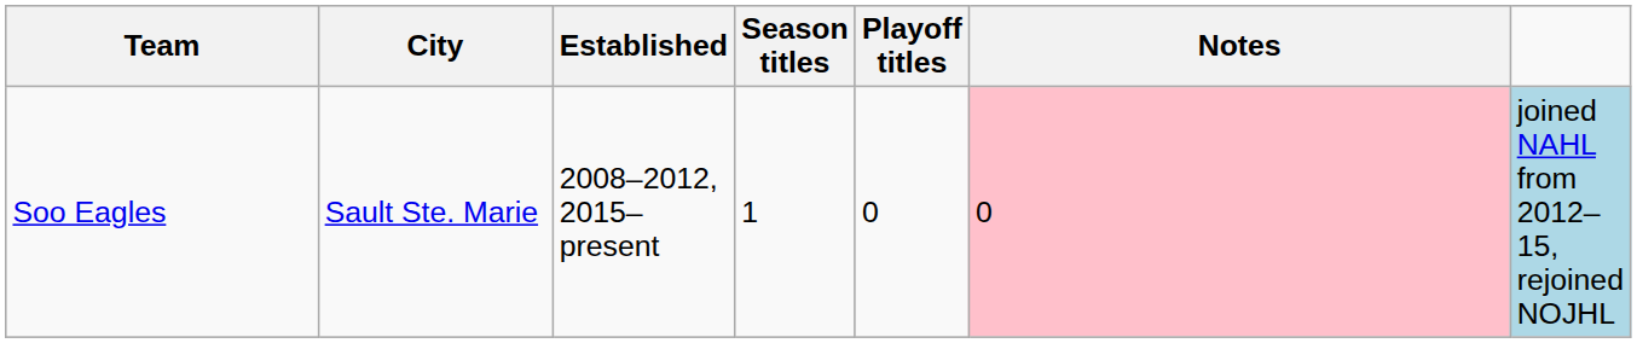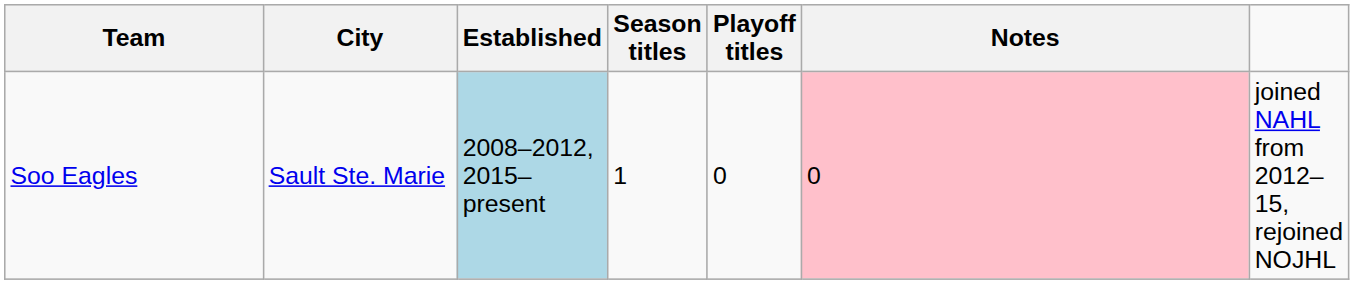 <table class="wikitable">
 <tr>
 <th bgcolor="#DDDDFF" width="20%">Team</th>
 <th bgcolor="#DDDDFF" width="15%">City</th>
 <th bgcolor="#DDDDFF" width="10%">Established</th>
 <th bgcolor="#DDDDFF" width="5%">Season titles</th>
 <th bgcolor="#DDDDFF" width="5%">Playoff titles</th>
 <th bgcolor="#DDDDFF" width="35%">Notes</th>
 </tr>
 <tr>
 <td><a href='#'>Soo Eagles</a></td>
 <td><a href='#'>Sault Ste. Marie</a></td>
-<td>2008–2012, 2015–present</td>
+<td style="background: lightblue;">2008–2012, 2015–present</td>
 <td>1</td>
 <td>0</td>
 <td style="background: pink;">0</td>
-<td style="background: lightblue;">joined <a href='#'>NAHL</a> from 2012–15, rejoined NOJHL</td>
+<td>joined <a href='#'>NAHL</a> from 2012–15, rejoined NOJHL</td>
 </tr>
 </table>
